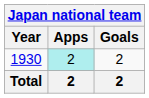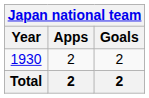 <table class="wikitable" style="text-align:center">
 <tr>
 <th colspan=3><a href='#'>Japan national team</a></th>
 </tr>
 <tr>
 <th>Year</th>
 <th>Apps</th>
 <th>Goals</th>
 </tr>
 <tr>
 <td><a href='#'>1930</a></td>
-<td style="background: paleturquoise;">2</td>
+<td>2</td>
 <td>2</td>
 </tr>
 <tr>
 <th>Total</th>
 <th>2</th>
 <th>2</th>
 </tr>
 </table>
